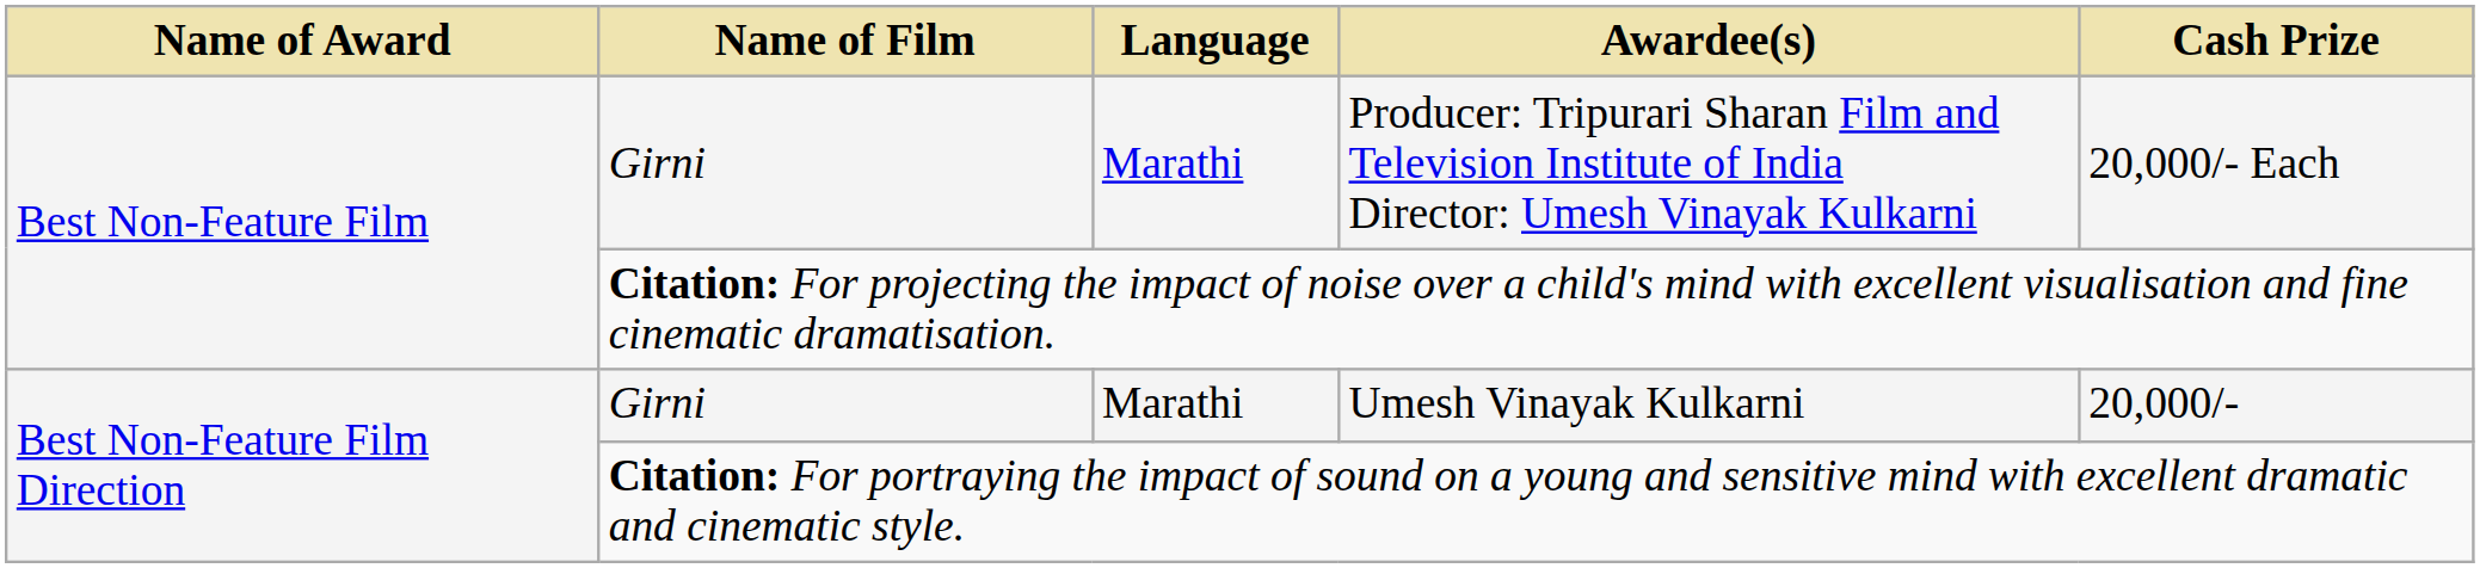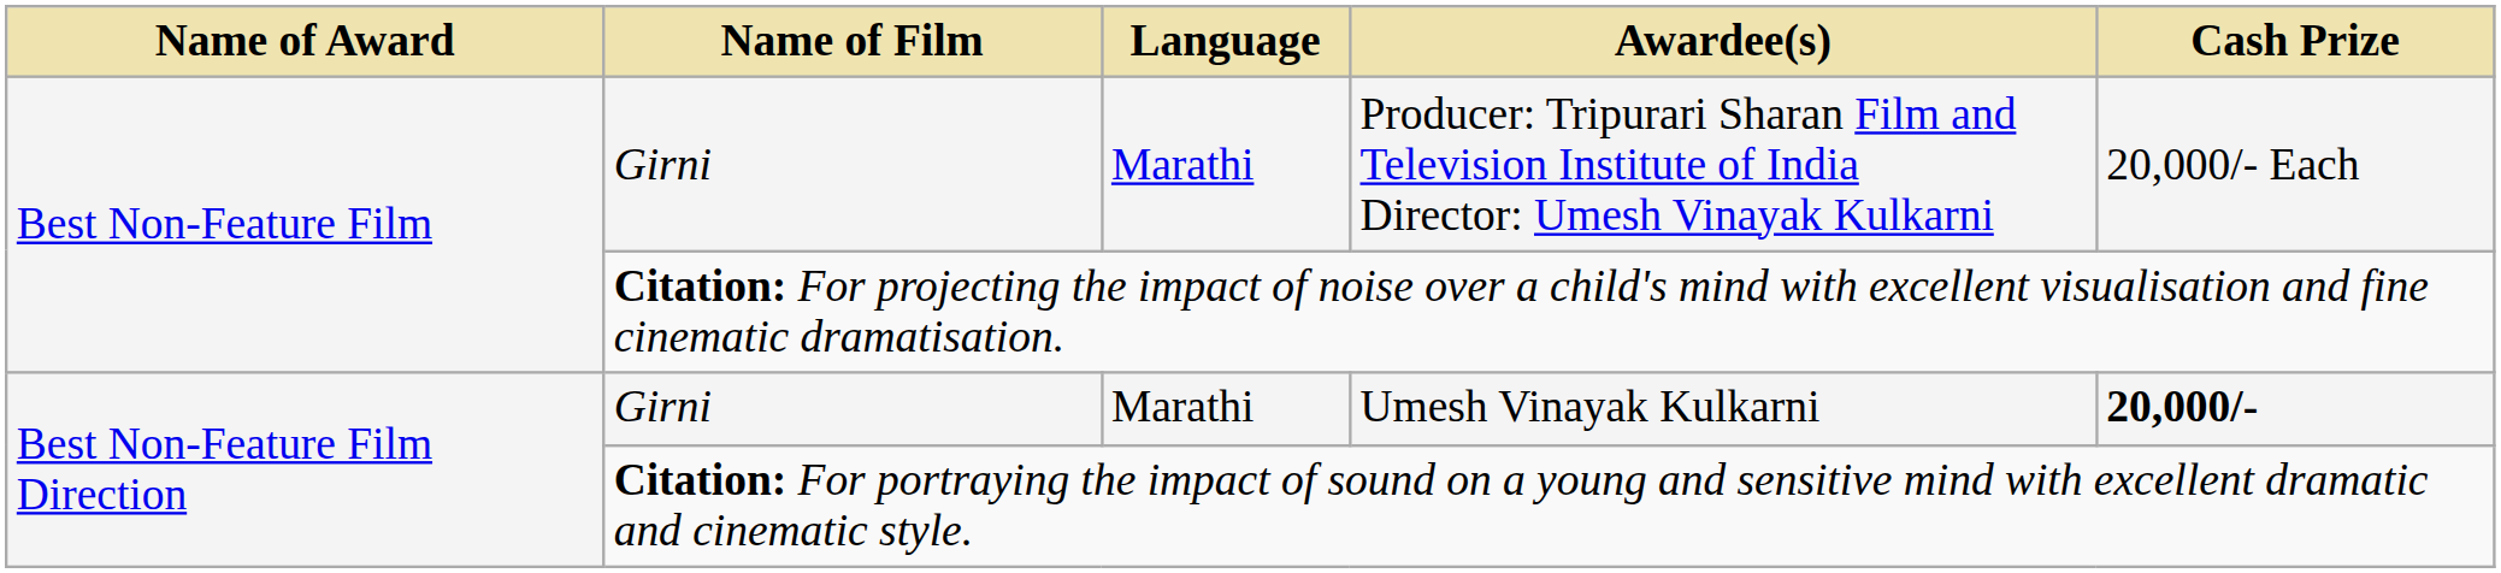 <table class="wikitable" style="width:100%;">
 <tr>
 <th style="background-color:#EFE4B0;width:24%;">Name of Award</th>
 <th style="background-color:#EFE4B0;width:20%;">Name of Film</th>
 <th style="background-color:#EFE4B0;width:10%;">Language</th>
 <th style="background-color:#EFE4B0;width:30%;">Awardee(s)</th>
 <th style="background-color:#EFE4B0;width:16%;">Cash Prize</th>
 </tr>
 <tr style="background-color:#F4F4F4">
 <td rowspan="2"><a href='#'>Best Non-Feature Film</a></td>
 <td><em>Girni</em></td>
 <td><a href='#'>Marathi</a></td>
 <td>Producer: Tripurari Sharan  <a href='#'>Film and Television Institute of India</a><br>Director: <a href='#'>Umesh Vinayak Kulkarni</a></td>
 <td> 20,000/- Each</td>
 </tr>
 <tr style="background-color:#F9F9F9">
 <td colspan="4"><strong>Citation:</strong> <em>For projecting the impact of noise over a child's mind with excellent visualisation and fine cinematic dramatisation.</em></td>
 </tr>
 <tr style="background-color:#F4F4F4">
 <td rowspan="2"><a href='#'>Best Non-Feature Film Direction</a></td>
 <td><em>Girni</em></td>
 <td>Marathi</td>
 <td>Umesh Vinayak Kulkarni</td>
-<td> 20,000/-</td>
+<td><strong> 20,000/-</strong></td>
 </tr>
 <tr style="background-color:#F9F9F9">
 <td colspan="4"><strong>Citation:</strong> <em>For portraying the impact of sound on a young and sensitive mind with excellent dramatic and cinematic style.</em></td>
 </tr>
 </table>
